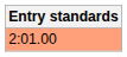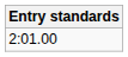 <table class="wikitable" border="1" align="upright">
 <tr>
 <th>Entry standards</th>
 </tr>
 <tr>
-<td style="background: lightsalmon;">2:01.00</td>
+<td>2:01.00</td>
 </tr>
 </table>
